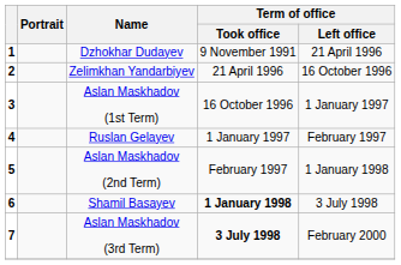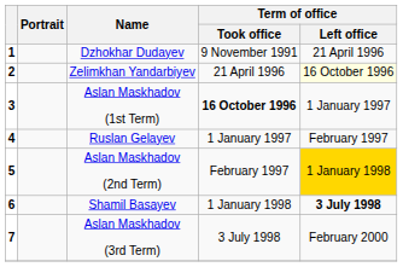 <table class="wikitable" style="text-align:center">
 <tr>
 <th rowspan=2></th>
 <th rowspan=2>Portrait</th>
 <th rowspan=2>Name<br></th>
 <th colspan=2>Term of office</th>
 </tr>
 <tr>
 <th>Took office</th>
 <th>Left office</th>
 </tr>
 <tr>
 <td style="background: white; color:black;"><strong>1</strong></td>
 <td></td>
 <td><a href='#'>Dzhokhar Dudayev</a><br></td>
 <td>9 November 1991</td>
 <td>21 April 1996</td>
 </tr>
 <tr>
 <td style="background: white; color:black;"><strong>2</strong></td>
 <td></td>
 <td><a href='#'>Zelimkhan Yandarbiyev</a><br></td>
 <td>21 April 1996</td>
-<td>16 October 1996</td>
+<td style="background: lightyellow;">16 October 1996</td>
 </tr>
 <tr>
 <td style="background: white; color:black;"><strong>3</strong></td>
 <td></td>
 <td><a href='#'>Aslan Maskhadov</a><br><br>(1st Term)</td>
-<td>16 October 1996</td>
+<td><strong>16 October 1996</strong></td>
 <td>1 January 1997</td>
 </tr>
 <tr>
 <td style="background: white; color:black;"><strong>4</strong></td>
 <td></td>
 <td><a href='#'>Ruslan Gelayev</a><br></td>
 <td>1 January 1997</td>
 <td>February 1997</td>
 </tr>
 <tr>
 <td style="background: white; color:black;"><strong>5</strong></td>
 <td></td>
 <td><a href='#'>Aslan Maskhadov</a><br><br>(2nd Term)</td>
 <td>February 1997</td>
-<td>1 January 1998</td>
+<td style="background: gold;">1 January 1998</td>
 </tr>
 <tr>
 <td style="background: white; color:black;"><strong>6</strong></td>
 <td></td>
 <td><a href='#'>Shamil Basayev</a><br></td>
-<td><strong>1 January 1998</strong></td>
-<td>3 July 1998</td>
+<td>1 January 1998</td>
+<td><strong>3 July 1998</strong></td>
 </tr>
 <tr>
 <td style="background: white; color:black;"><strong>7</strong></td>
 <td></td>
 <td><a href='#'>Aslan Maskhadov</a><br><br>(3rd Term)</td>
-<td><strong>3 July 1998</strong></td>
+<td>3 July 1998</td>
 <td>February 2000</td>
 </tr>
 <tr>
 </tr>
 </table>
